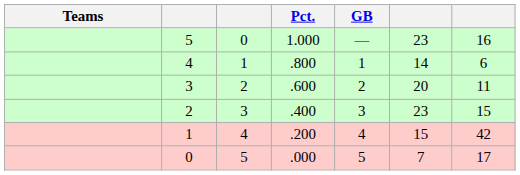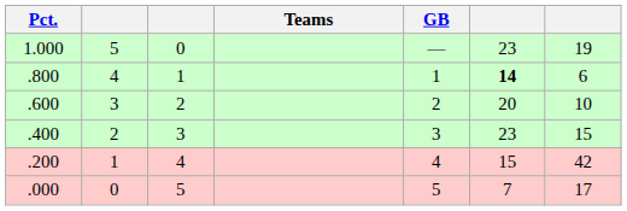 <table class="wikitable" width="550" style="text-align:center;">
 <tr>
-<th width="20%">Teams</th>
+<th width="8%"><a href='#'>Pct.</a></th>
 <th width="7%"></th>
 <th width="7%"></th>
-<th width="8%"><a href='#'>Pct.</a></th>
+<th width="20%">Teams</th>
 <th width="7%"><a href='#'>GB</a></th>
 <th width="8%"></th>
 <th width="8%"></th>
 </tr>
 <tr style="background:#cfc;">
-<td align=left></td>
+<td>1.000</td>
 <td>5</td>
 <td>0</td>
-<td>1.000</td>
+<td align=left></td>
 <td>—</td>
 <td>23</td>
-<td>16</td>
+<td>19</td>
 </tr>
 <tr style="background:#cfc;">
-<td align=left></td>
+<td>.800</td>
 <td>4</td>
 <td>1</td>
-<td>.800</td>
+<td align=left></td>
 <td>1</td>
-<td>14</td>
+<td><strong>14</strong></td>
 <td>6</td>
 </tr>
 <tr style="background:#cfc;">
-<td align=left></td>
+<td>.600</td>
 <td>3</td>
 <td>2</td>
-<td>.600</td>
+<td align=left></td>
 <td>2</td>
 <td>20</td>
-<td>11</td>
+<td>10</td>
 </tr>
 <tr style="background:#cfc;">
-<td align=left></td>
+<td>.400</td>
 <td>2</td>
 <td>3</td>
-<td>.400</td>
+<td align=left></td>
 <td>3</td>
 <td>23</td>
 <td>15</td>
 </tr>
 <tr style="background:#fcc;">
-<td align=left></td>
+<td>.200</td>
 <td>1</td>
 <td>4</td>
-<td>.200</td>
+<td align=left></td>
 <td>4</td>
 <td>15</td>
 <td>42</td>
 </tr>
 <tr style="background:#fcc;">
-<td align=left></td>
+<td>.000</td>
 <td>0</td>
 <td>5</td>
-<td>.000</td>
+<td align=left></td>
 <td>5</td>
 <td>7</td>
 <td>17</td>
 </tr>
 </table>
